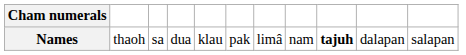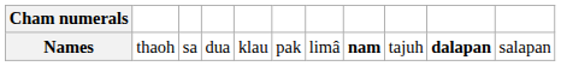 <table class="wikitable nounderlines Unicode" style="border-collapse:collapse;background:#FFFFFF;text-align:center">
 <tr>
 <th>Cham numerals</th>
 <td></td>
 <td></td>
 <td></td>
 <td></td>
 <td></td>
 <td></td>
 <td></td>
 <td></td>
 <td></td>
 <td></td>
 </tr>
 <tr>
 <th>Names</th>
 <td>thaoh<br></td>
 <td>sa<br></td>
 <td>dua<br></td>
 <td>klau<br></td>
 <td>pak<br></td>
 <td>limâ<br></td>
-<td>nam<br></td>
-<td><strong>tajuh<br></strong></td>
-<td>dalapan<br></td>
+<td><strong>nam<br></strong></td>
+<td>tajuh<br></td>
+<td><strong>dalapan<br></strong></td>
 <td>salapan<br></td>
 </tr>
 </table>
